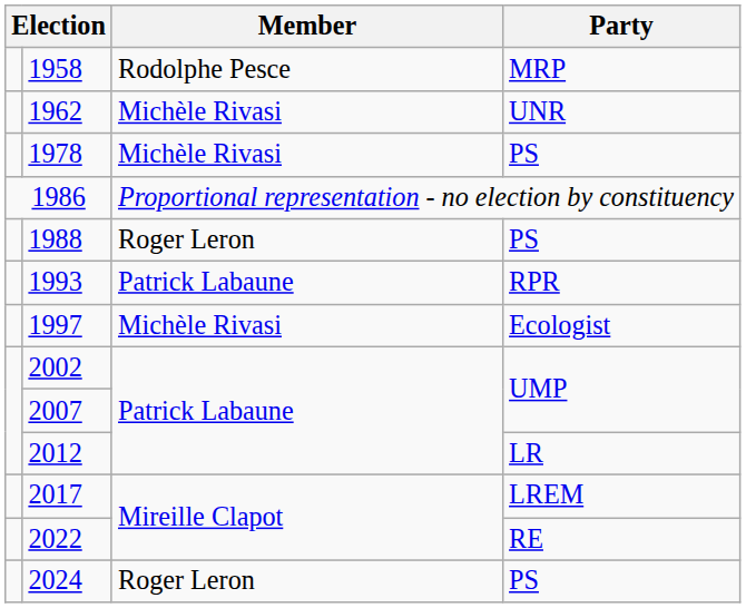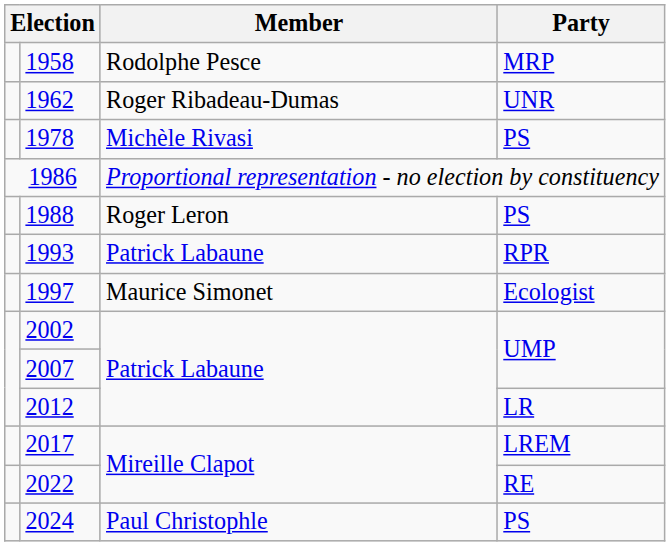 <table class="wikitable">
 <tr>
 <th colspan="2">Election</th>
 <th>Member</th>
 <th>Party</th>
 </tr>
 <tr>
 <td style="color:inherit;background-color: "></td>
 <td><a href='#'>1958</a></td>
 <td>Rodolphe Pesce</td>
 <td><a href='#'>MRP</a></td>
 </tr>
 <tr>
 <td style="color:inherit;background-color: "></td>
 <td><a href='#'>1962</a></td>
-<td><a href='#'>Michèle Rivasi</a></td>
+<td>Roger Ribadeau-Dumas</td>
 <td><a href='#'>UNR</a></td>
 </tr>
 <tr>
 <td style="color:inherit;background-color: "></td>
 <td><a href='#'>1978</a></td>
 <td><a href='#'>Michèle Rivasi</a></td>
 <td><a href='#'>PS</a></td>
 </tr>
 <tr>
 <td colspan="2" align="center"><a href='#'>1986</a></td>
 <td colspan="2"><em><a href='#'>Proportional representation</a> - no election by constituency</em></td>
 </tr>
 <tr>
 <td style="color:inherit;background-color: "></td>
 <td><a href='#'>1988</a></td>
 <td>Roger Leron</td>
 <td><a href='#'>PS</a></td>
 </tr>
 <tr>
 <td style="color:inherit;background-color: "></td>
 <td><a href='#'>1993</a></td>
 <td><a href='#'>Patrick Labaune</a></td>
 <td><a href='#'>RPR</a></td>
 </tr>
 <tr>
 <td style="color:inherit;background-color: "></td>
 <td><a href='#'>1997</a></td>
-<td><a href='#'>Michèle Rivasi</a></td>
+<td>Maurice Simonet</td>
 <td><a href='#'>Ecologist</a></td>
 </tr>
 <tr>
 <td rowspan="3" style="color:inherit;background-color: "></td>
 <td><a href='#'>2002</a></td>
 <td rowspan="3"><a href='#'>Patrick Labaune</a></td>
 <td rowspan="2"><a href='#'>UMP</a></td>
 </tr>
 <tr>
 <td><a href='#'>2007</a></td>
 </tr>
 <tr>
 <td><a href='#'>2012</a></td>
 <td><a href='#'>LR</a></td>
 </tr>
 <tr>
 <td style="color:inherit;background-color: "></td>
 <td><a href='#'>2017</a></td>
 <td rowspan="2"><a href='#'>Mireille Clapot</a></td>
 <td><a href='#'>LREM</a></td>
 </tr>
 <tr>
 <td style="color:inherit;background-color: "></td>
 <td><a href='#'>2022</a></td>
 <td><a href='#'>RE</a></td>
 </tr>
 <tr>
 <td style="color:inherit;background-color: "></td>
 <td><a href='#'>2024</a></td>
-<td>Roger Leron</td>
+<td><a href='#'>Paul Christophle</a></td>
 <td><a href='#'>PS</a></td>
 </tr>
 </table>
